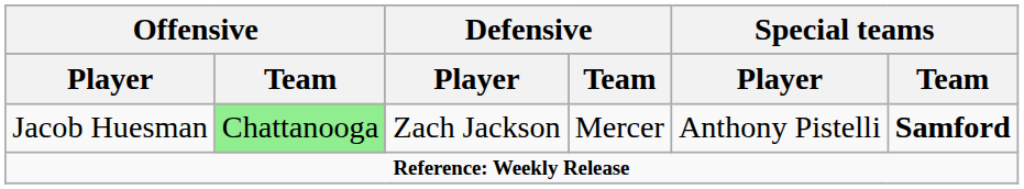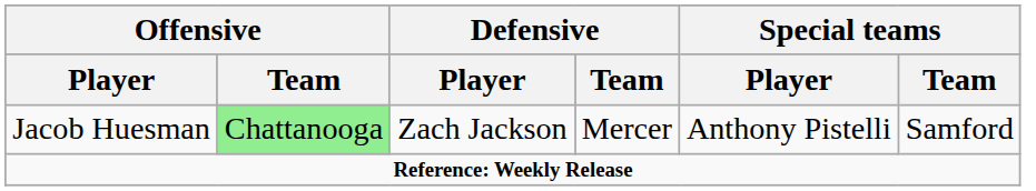 <table class="wikitable" border="1">
 <tr>
 <th colspan="2">Offensive</th>
 <th colspan="2">Defensive</th>
 <th colspan="2">Special teams</th>
 </tr>
 <tr>
 <th>Player</th>
 <th>Team</th>
 <th>Player</th>
 <th>Team</th>
 <th>Player</th>
 <th>Team</th>
 </tr>
 <tr>
 <td>Jacob Huesman</td>
 <td style="background: lightgreen;">Chattanooga</td>
 <td>Zach Jackson</td>
 <td>Mercer</td>
 <td>Anthony Pistelli</td>
-<td><strong>Samford</strong></td>
+<td>Samford</td>
 </tr>
 <tr>
 <td colspan="8" style="font-size: 8pt" align="center"><strong>Reference: Weekly Release</strong></td>
 </tr>
 </table>
